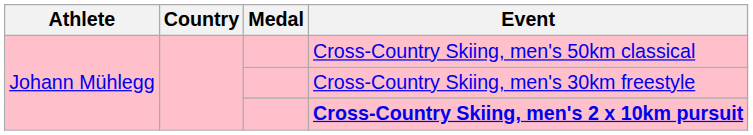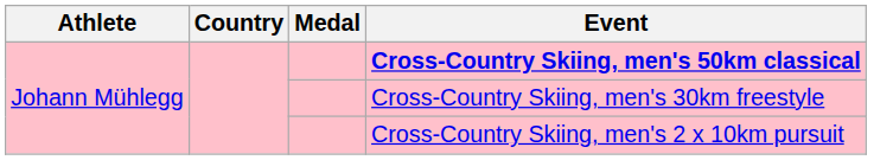 <table class="wikitable">
 <tr>
 <th>Athlete</th>
 <th>Country</th>
 <th>Medal</th>
 <th>Event</th>
 </tr>
 <tr bgcolor=pink>
 <td rowspan=3><a href='#'>Johann Mühlegg</a></td>
 <td rowspan=3></td>
 <td></td>
-<td><a href='#'>Cross-Country Skiing, men's 50km classical</a></td>
+<td><strong><a href='#'>Cross-Country Skiing, men's 50km classical</a></strong></td>
 </tr>
 <tr bgcolor=pink>
 <td></td>
 <td><a href='#'>Cross-Country Skiing, men's 30km freestyle</a></td>
 </tr>
 <tr bgcolor=pink>
 <td></td>
-<td><strong><a href='#'>Cross-Country Skiing, men's 2 x 10km pursuit</a></strong></td>
+<td><a href='#'>Cross-Country Skiing, men's 2 x 10km pursuit</a></td>
 </tr>
 </table>
